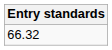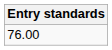 <table class="wikitable" border="1" align="upright">
 <tr>
 <th>Entry standards</th>
 </tr>
 <tr>
-<td>66.32</td>
+<td>76.00</td>
 </tr>
 </table>
